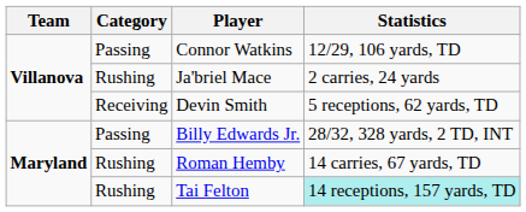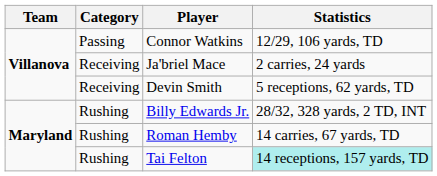 <table class="wikitable" style="float: right;">
 <tr>
 <th>Team</th>
 <th>Category</th>
 <th>Player</th>
 <th>Statistics</th>
 </tr>
 <tr>
 <td rowspan=3><strong>Villanova</strong></td>
 <td>Passing</td>
 <td>Connor Watkins</td>
 <td>12/29, 106 yards, TD</td>
 </tr>
 <tr>
-<td>Rushing</td>
+<td>Receiving</td>
 <td>Ja'briel Mace</td>
 <td>2 carries, 24 yards</td>
 </tr>
 <tr>
 <td>Receiving</td>
 <td>Devin Smith</td>
 <td>5 receptions, 62 yards, TD</td>
 </tr>
 <tr>
 <td rowspan=3><strong>Maryland</strong></td>
-<td>Passing</td>
+<td>Rushing</td>
 <td><a href='#'>Billy Edwards Jr.</a></td>
 <td>28/32, 328 yards, 2 TD, INT</td>
 </tr>
 <tr>
 <td>Rushing</td>
 <td><a href='#'>Roman Hemby</a></td>
 <td>14 carries, 67 yards, TD</td>
 </tr>
 <tr>
 <td>Rushing</td>
 <td><a href='#'>Tai Felton</a></td>
 <td style="background: paleturquoise;">14 receptions, 157 yards, TD</td>
 </tr>
 </table>
